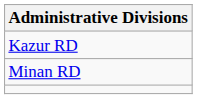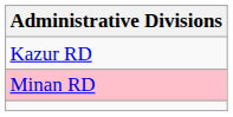 <table class="wikitable">
 <tr>
 <th>Administrative Divisions</th>
 </tr>
 <tr>
 <td><a href='#'>Kazur RD</a></td>
 </tr>
 <tr>
-<td><a href='#'>Minan RD</a></td>
+<td style="background: pink;"><a href='#'>Minan RD</a></td>
 </tr>
 <tr>
 <td colspan=1></td>
 </tr>
 </table>
